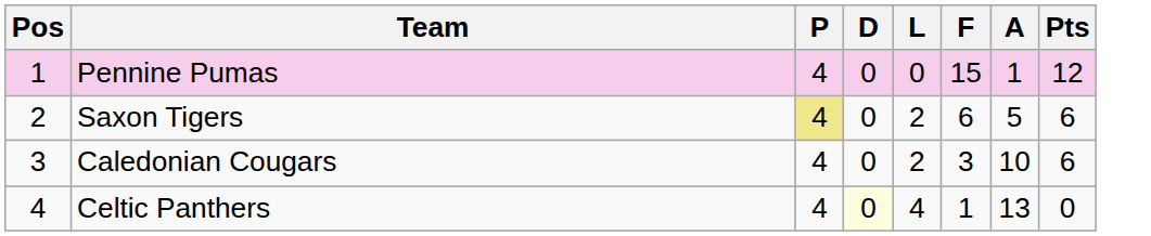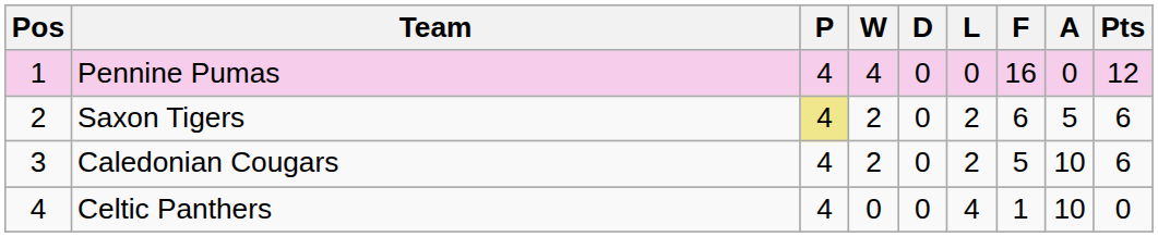 <table class="wikitable" style="text-align:centre;">
 <tr>
 <th width=20>Pos</th>
 <th width=400>Team</th>
 <th width=20>P</th>
+<th width=20>W</th>
 <th width=20>D</th>
 <th width=20>L</th>
 <th width=20>F</th>
 <th width=20>A</th>
 <th width=20>Pts</th>
 </tr>
 <tr align=center style="background: #F6CEEC;">
 <td>1</td>
 <td align="left">Pennine Pumas</td>
 <td>4</td>
+<td>4</td>
 <td>0</td>
 <td>0</td>
-<td>15</td>
-<td>1</td>
+<td>16</td>
+<td>0</td>
 <td>12</td>
 </tr>
 <tr align=center>
 <td>2</td>
 <td align="left">Saxon Tigers</td>
 <td style="background: khaki;">4</td>
+<td>2</td>
 <td>0</td>
 <td>2</td>
 <td>6</td>
 <td>5</td>
 <td>6</td>
 </tr>
 <tr align=center>
 <td>3</td>
 <td align="left">Caledonian Cougars</td>
 <td>4</td>
+<td>2</td>
 <td>0</td>
 <td>2</td>
-<td>3</td>
+<td>5</td>
 <td>10</td>
 <td>6</td>
 </tr>
 <tr align=center>
 <td>4</td>
 <td align="left">Celtic Panthers</td>
 <td>4</td>
-<td style="background: lightyellow;">0</td>
+<td>0</td>
+<td>0</td>
 <td>4</td>
 <td>1</td>
-<td>13</td>
+<td>10</td>
 <td>0</td>
 </tr>
 </table>
